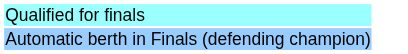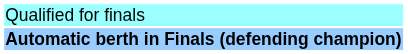 <table>
 <tr bgcolor="99FFFF">
 <td>Qualified for finals</td>
 </tr>
 <tr bgcolor="99CCFF">
-<td>Automatic berth in Finals (defending champion)</td>
+<td><strong>Automatic berth in Finals (defending champion)</strong></td>
 </tr>
 </table>
